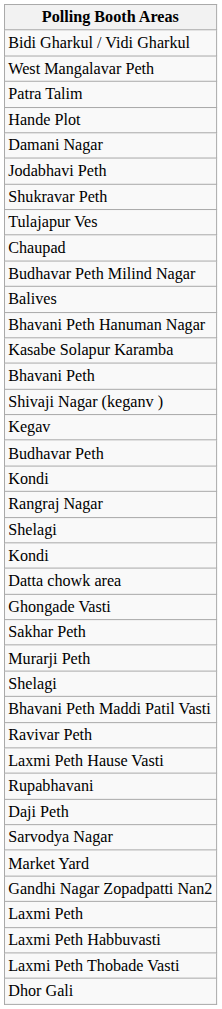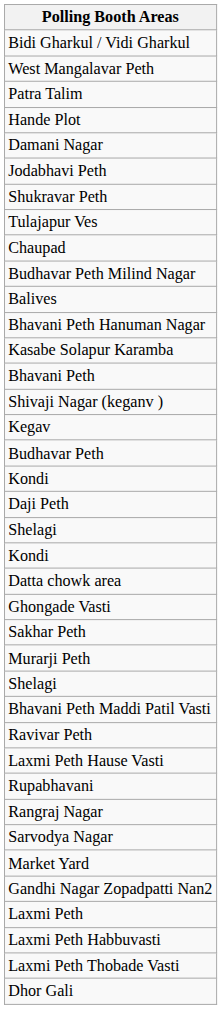 <table class="wikitable">
 <tr>
 <th><strong>Polling Booth Areas</strong></th>
 </tr>
 <tr>
 <td>Bidi Gharkul / Vidi Gharkul</td>
 </tr>
 <tr>
 <td>West Mangalavar Peth</td>
 </tr>
 <tr>
 <td>Patra Talim</td>
 </tr>
 <tr>
 <td>Hande Plot</td>
 </tr>
 <tr>
 <td>Damani Nagar</td>
 </tr>
 <tr>
 <td>Jodabhavi Peth</td>
 </tr>
 <tr>
 <td>Shukravar Peth</td>
 </tr>
 <tr>
 <td>Tulajapur Ves</td>
 </tr>
 <tr>
 <td>Chaupad</td>
 </tr>
 <tr>
 <td>Budhavar Peth Milind Nagar</td>
 </tr>
 <tr>
 <td>Balives</td>
 </tr>
 <tr>
 <td>Bhavani Peth Hanuman Nagar</td>
 </tr>
 <tr>
 <td>Kasabe Solapur Karamba</td>
 </tr>
 <tr>
 <td>Bhavani Peth</td>
 </tr>
 <tr>
 <td>Shivaji Nagar (keganv )</td>
 </tr>
 <tr>
 <td>Kegav</td>
 </tr>
 <tr>
 <td>Budhavar Peth</td>
 </tr>
 <tr>
 <td>Kondi</td>
 </tr>
 <tr>
-<td>Rangraj Nagar</td>
+<td>Daji Peth</td>
 </tr>
 <tr>
 <td>Shelagi</td>
 </tr>
 <tr>
 <td>Kondi</td>
 </tr>
 <tr>
 <td>Datta chowk area</td>
 </tr>
 <tr>
 <td>Ghongade Vasti</td>
 </tr>
 <tr>
 <td>Sakhar Peth</td>
 </tr>
 <tr>
 <td>Murarji Peth</td>
 </tr>
 <tr>
 <td>Shelagi</td>
 </tr>
 <tr>
 <td>Bhavani Peth Maddi Patil Vasti</td>
 </tr>
 <tr>
 <td>Ravivar Peth</td>
 </tr>
 <tr>
 <td>Laxmi Peth Hause Vasti</td>
 </tr>
 <tr>
 <td>Rupabhavani</td>
 </tr>
 <tr>
-<td>Daji Peth</td>
+<td>Rangraj Nagar</td>
 </tr>
 <tr>
 <td>Sarvodya Nagar</td>
 </tr>
 <tr>
 <td>Market Yard</td>
 </tr>
 <tr>
 <td>Gandhi Nagar Zopadpatti Nan2</td>
 </tr>
 <tr>
 <td>Laxmi Peth</td>
 </tr>
 <tr>
 <td>Laxmi Peth Habbuvasti</td>
 </tr>
 <tr>
 <td>Laxmi Peth Thobade Vasti</td>
 </tr>
 <tr>
 <td>Dhor Gali</td>
 </tr>
 </table>
